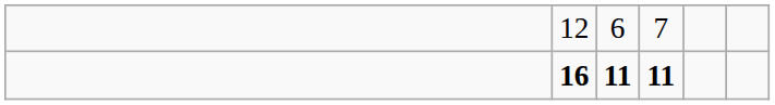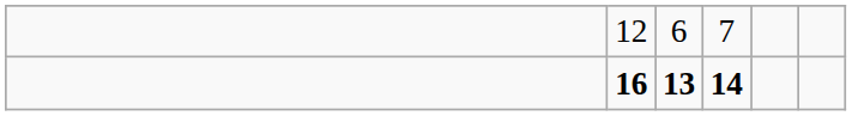 <table class="wikitable">
 <tr>
 <td style="width:18em"></td>
 <td align=center style="width:1em">12</td>
 <td align=center style="width:1em">6</td>
 <td align=center style="width:1em">7</td>
 <td align=center style="width:1em"></td>
 <td align=center style="width:1em"></td>
 </tr>
 <tr>
 <td style="width:18em"><strong></strong></td>
 <td align=center style="width:1em"><strong>16</strong></td>
-<td align=center style="width:1em"><strong>11</strong></td>
-<td align=center style="width:1em"><strong>11</strong></td>
+<td align=center style="width:1em"><strong>13</strong></td>
+<td align=center style="width:1em"><strong>14</strong></td>
 <td align=center style="width:1em"></td>
 <td align=center style="width:1em"></td>
 </tr>
 </table>
